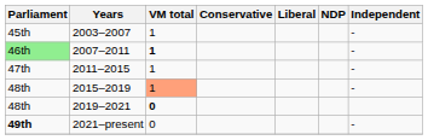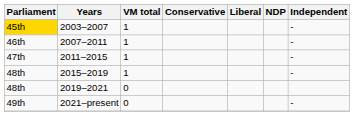 <table class="wikitable sortable">
 <tr>
 <th data-sort-type="number">Parliament</th>
 <th>Years</th>
 <th>VM total</th>
 <th>Conservative</th>
 <th>Liberal</th>
 <th>NDP</th>
 <th>Independent</th>
 </tr>
 <tr>
-<td>45th</td>
+<td style="background: gold;">45th</td>
 <td>2003–2007</td>
 <td>1</td>
 <td></td>
 <td></td>
 <td></td>
 <td>-</td>
 </tr>
 <tr>
-<td style="background: lightgreen;">46th</td>
+<td>46th</td>
 <td>2007–2011</td>
-<td><strong>1</strong></td>
+<td>1</td>
 <td></td>
 <td></td>
 <td></td>
 <td>-</td>
 </tr>
 <tr>
 <td>47th</td>
 <td>2011–2015</td>
 <td>1</td>
 <td></td>
 <td></td>
 <td></td>
 <td>-</td>
 </tr>
 <tr>
 <td>48th</td>
 <td>2015–2019</td>
-<td style="background: lightsalmon;">1</td>
+<td>1</td>
 <td></td>
 <td></td>
 <td></td>
 <td>-</td>
 </tr>
 <tr>
 <td>48th</td>
 <td>2019–2021</td>
-<td><strong>0</strong></td>
+<td>0</td>
 <td></td>
 <td></td>
 <td></td>
 <td></td>
 </tr>
 <tr>
-<td><strong>49th</strong></td>
+<td>49th</td>
 <td>2021–present</td>
 <td>0</td>
 <td></td>
 <td></td>
 <td></td>
 <td>-</td>
 </tr>
 <tr>
 </tr>
 </table>
